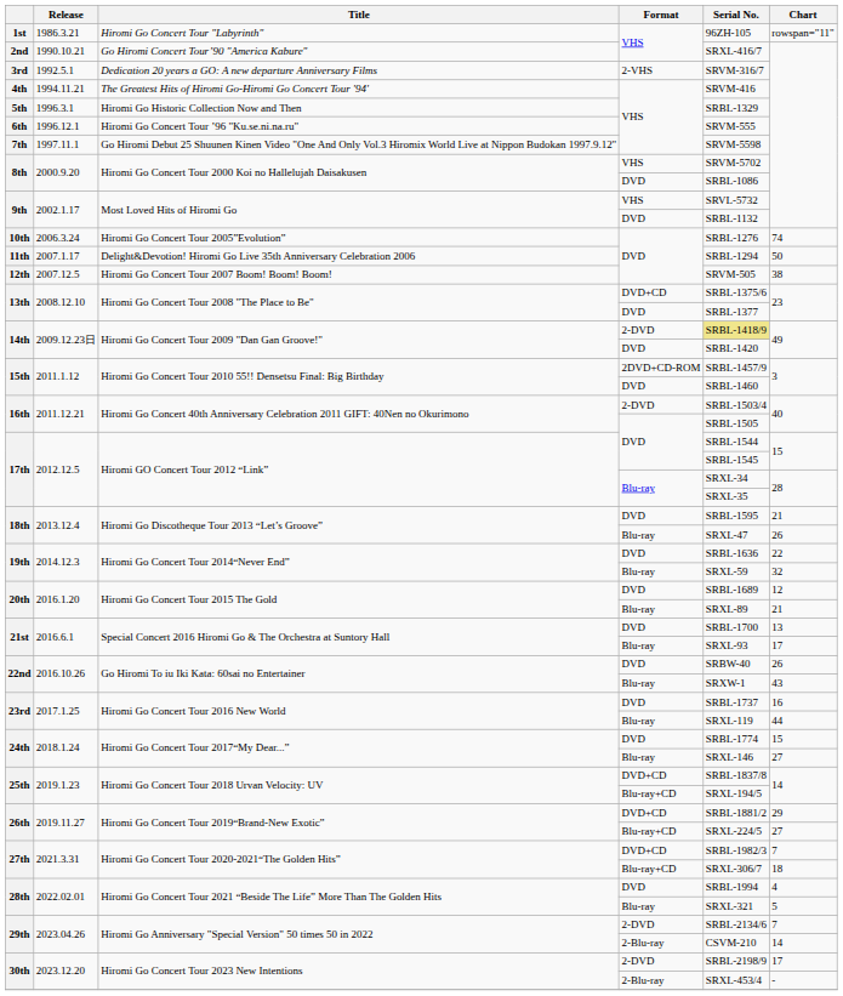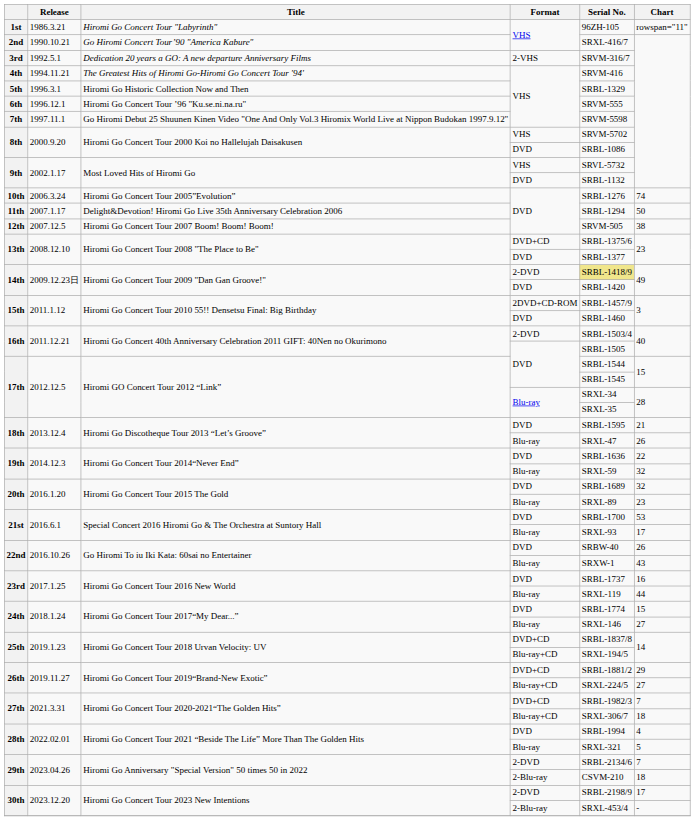 <table class="wikitable" style="font-size:small;">
 <tr>
 <th></th>
 <th>Release</th>
 <th>Title</th>
 <th>Format</th>
 <th>Serial No.</th>
 <th>Chart</th>
 </tr>
 <tr>
 <th>1st</th>
 <td>1986.3.21</td>
 <td><em>Hiromi Go Concert Tour "Labyrinth"</em></td>
 <td rowspan="2"><a href='#'>VHS</a></td>
 <td>96ZH-105</td>
 <td>rowspan="11"</td>
 </tr>
 <tr>
 <th>2nd</th>
 <td>1990.10.21</td>
 <td><em>Go Hiromi Concert Tour’90 "America Kabure"</em></td>
 <td>SRXL-416/7</td>
 </tr>
 <tr>
 <th>3rd</th>
 <td>1992.5.1</td>
 <td><em>Dedication 20 years a GO: A new departure Anniversary Films</em></td>
 <td>2-VHS</td>
 <td>SRVM-316/7</td>
 </tr>
 <tr>
 <th>4th</th>
 <td>1994.11.21</td>
 <td><em>The Greatest Hits of Hiromi Go-Hiromi Go Concert Tour '94'</td>
 <td rowspan="4">VHS</td>
 <td>SRVM-416</td>
 </tr>
 <tr>
 <th>5th</th>
 <td>1996.3.1</td>
 <td></em>Hiromi Go Historic Collection Now and Then<em></td>
 <td>SRBL-1329</td>
 </tr>
 <tr>
 <th>6th</th>
 <td>1996.12.1</td>
 <td></em>Hiromi Go Concert Tour ’96 "Ku.se.ni.na.ru"<em></td>
 <td>SRVM-555</td>
 </tr>
 <tr>
 <th>7th</th>
 <td>1997.11.1</td>
 <td></em>Go Hiromi Debut 25 Shuunen Kinen Video "One And Only Vol.3 Hiromix World Live at Nippon Budokan 1997.9.12"<em></td>
 <td>SRVM-5598</td>
 </tr>
 <tr>
 <th rowspan="2">8th</th>
 <td rowspan="2">2000.9.20</td>
 <td rowspan="2"></em>Hiromi Go Concert Tour 2000 Koi no Hallelujah Daisakusen<em></td>
 <td>VHS</td>
 <td>SRVM-5702</td>
 </tr>
 <tr>
 <td>DVD</td>
 <td>SRBL-1086</td>
 </tr>
 <tr>
 <th rowspan="2">9th</th>
 <td rowspan="2">2002.1.17</td>
 <td rowspan="2"></em>Most Loved Hits of Hiromi Go<em></td>
 <td>VHS</td>
 <td>SRVL-5732</td>
 </tr>
 <tr>
 <td>DVD</td>
 <td>SRBL-1132</td>
 </tr>
 <tr>
 <th>10th</th>
 <td>2006.3.24</td>
 <td></em>Hiromi Go Concert Tour 2005”Evolution”<em></td>
 <td rowspan="3">DVD</td>
 <td>SRBL-1276</td>
 <td>74</td>
 </tr>
 <tr>
 <th>11th</th>
 <td>2007.1.17</td>
 <td></em>Delight&Devotion! Hiromi Go Live 35th Anniversary Celebration 2006<em></td>
 <td>SRBL-1294</td>
 <td>50</td>
 </tr>
 <tr>
 <th>12th</th>
 <td>2007.12.5</td>
 <td></em>Hiromi Go Concert Tour 2007 Boom! Boom! Boom!<em></td>
 <td>SRVM-505</td>
 <td>38</td>
 </tr>
 <tr>
 <th rowspan="2">13th</th>
 <td rowspan="2">2008.12.10</td>
 <td rowspan="2"></em>Hiromi Go Concert Tour 2008 "The Place to Be"<em></td>
 <td>DVD+CD</td>
 <td>SRBL-1375/6</td>
 <td rowspan="2">23</td>
 </tr>
 <tr>
 <td>DVD</td>
 <td>SRBL-1377</td>
 </tr>
 <tr>
 <th rowspan="2">14th</th>
 <td rowspan="2">2009.12.23日</td>
 <td rowspan="2"></em>Hiromi Go Concert Tour 2009 "Dan Gan Groove!"<em></td>
 <td>2-DVD</td>
 <td style="background: khaki;">SRBL-1418/9</td>
 <td rowspan="2">49</td>
 </tr>
 <tr>
 <td>DVD</td>
 <td>SRBL-1420</td>
 </tr>
 <tr>
 <th rowspan="2">15th</th>
 <td rowspan="2">2011.1.12</td>
 <td rowspan="2"></em>Hiromi Go Concert Tour 2010 55!! Densetsu Final: Big Birthday<em></td>
 <td>2DVD+CD-ROM</td>
 <td>SRBL-1457/9</td>
 <td rowspan="2">3</td>
 </tr>
 <tr>
 <td>DVD</td>
 <td>SRBL-1460</td>
 </tr>
 <tr>
 <th rowspan="2">16th</th>
 <td rowspan="2">2011.12.21</td>
 <td rowspan="2"></em>Hiromi Go Concert 40th Anniversary Celebration 2011 GIFT: 40Nen no Okurimono<em></td>
 <td>2-DVD</td>
 <td>SRBL-1503/4</td>
 <td rowspan="2">40</td>
 </tr>
 <tr>
 <td rowspan="3">DVD</td>
 <td>SRBL-1505</td>
 </tr>
 <tr>
 <th rowspan="4">17th</th>
 <td rowspan="4">2012.12.5</td>
 <td rowspan="4"></em>Hiromi GO Concert Tour 2012 “Link”<em></td>
 <td>SRBL-1544</td>
 <td rowspan="2">15</td>
 </tr>
 <tr>
 <td>SRBL-1545</td>
 </tr>
 <tr>
 <td rowspan="2"><a href='#'>Blu-ray</a></td>
 <td>SRXL-34</td>
 <td rowspan="2">28</td>
 </tr>
 <tr>
 <td>SRXL-35</td>
 </tr>
 <tr>
 <th rowspan="2">18th</th>
 <td rowspan="2">2013.12.4</td>
 <td rowspan="2"></em>Hiromi Go Discotheque Tour 2013 “Let’s Groove”<em></td>
 <td>DVD</td>
 <td>SRBL-1595</td>
 <td>21</td>
 </tr>
 <tr>
 <td>Blu-ray</td>
 <td>SRXL-47</td>
 <td>26</td>
 </tr>
 <tr>
 <th rowspan="2">19th</th>
 <td rowspan="2">2014.12.3</td>
 <td rowspan="2"></em>Hiromi Go Concert Tour 2014“Never End”<em></td>
 <td>DVD</td>
 <td>SRBL-1636</td>
 <td>22</td>
 </tr>
 <tr>
 <td>Blu-ray</td>
 <td>SRXL-59</td>
 <td>32</td>
 </tr>
 <tr>
 <th rowspan="2">20th</th>
 <td rowspan="2">2016.1.20</td>
 <td rowspan="2"></em>Hiromi Go Concert Tour 2015 The Gold<em></td>
 <td>DVD</td>
 <td>SRBL-1689</td>
-<td>12</td>
+<td>32</td>
 </tr>
 <tr>
 <td>Blu-ray</td>
 <td>SRXL-89</td>
-<td>21</td>
+<td>23</td>
 </tr>
 <tr>
 <th rowspan="2">21st</th>
 <td rowspan="2">2016.6.1</td>
 <td rowspan="2"></em>Special Concert 2016 Hiromi Go & The Orchestra at Suntory Hall<em></td>
 <td>DVD</td>
 <td>SRBL-1700</td>
-<td>13</td>
+<td>53</td>
 </tr>
 <tr>
 <td>Blu-ray</td>
 <td>SRXL-93</td>
 <td>17</td>
 </tr>
 <tr>
 <th rowspan="2">22nd</th>
 <td rowspan="2">2016.10.26</td>
 <td rowspan="2"></em>Go Hiromi To iu Iki Kata: 60sai no Entertainer<em></td>
 <td>DVD</td>
 <td>SRBW-40</td>
 <td>26</td>
 </tr>
 <tr>
 <td>Blu-ray</td>
 <td>SRXW-1</td>
 <td>43</td>
 </tr>
 <tr>
 <th rowspan="2">23rd</th>
 <td rowspan="2">2017.1.25</td>
 <td rowspan="2"></em>Hiromi Go Concert Tour 2016 New World<em></td>
 <td>DVD</td>
 <td>SRBL-1737</td>
 <td>16</td>
 </tr>
 <tr>
 <td>Blu-ray</td>
 <td>SRXL-119</td>
 <td>44</td>
 </tr>
 <tr>
 <th rowspan="2">24th</th>
 <td rowspan="2">2018.1.24</td>
 <td rowspan="2"></em>Hiromi Go Concert Tour 2017“My Dear...”<em></td>
 <td>DVD</td>
 <td>SRBL-1774</td>
 <td>15</td>
 </tr>
 <tr>
 <td>Blu-ray</td>
 <td>SRXL-146</td>
 <td>27</td>
 </tr>
 <tr>
 <th rowspan="2">25th</th>
 <td rowspan="2">2019.1.23</td>
 <td rowspan="2"></em>Hiromi Go Concert Tour 2018 Urvan Velocity: UV<em></td>
 <td>DVD+CD</td>
 <td>SRBL-1837/8</td>
 <td rowspan="2">14</td>
 </tr>
 <tr>
 <td>Blu-ray+CD</td>
 <td>SRXL-194/5</td>
 </tr>
 <tr>
 <th rowspan="2">26th</th>
 <td rowspan="2">2019.11.27</td>
 <td rowspan="2"></em>Hiromi Go Concert Tour 2019“Brand-New Exotic”<em></td>
 <td>DVD+CD</td>
 <td>SRBL-1881/2</td>
 <td>29</td>
 </tr>
 <tr>
 <td>Blu-ray+CD</td>
 <td>SRXL-224/5</td>
 <td>27</td>
 </tr>
 <tr>
 <th rowspan="2">27th</th>
 <td rowspan="2">2021.3.31</td>
 <td rowspan="2"></em>Hiromi Go Concert Tour 2020-2021“The Golden Hits”<em></td>
 <td>DVD+CD</td>
 <td>SRBL-1982/3</td>
 <td>7</td>
 </tr>
 <tr>
 <td>Blu-ray+CD</td>
 <td>SRXL-306/7</td>
 <td>18</td>
 </tr>
 <tr>
 <th rowspan="2">28th</th>
 <td rowspan="2">2022.02.01</td>
 <td rowspan="2"></em>Hiromi Go Concert Tour 2021 “Beside The Life” More Than The Golden Hits<em></td>
 <td>DVD</td>
 <td>SRBL-1994</td>
 <td>4</td>
 </tr>
 <tr>
 <td>Blu-ray</td>
 <td>SRXL-321</td>
 <td>5</td>
 </tr>
 <tr>
 <th rowspan="2">29th</th>
 <td rowspan="2">2023.04.26</td>
 <td rowspan="2"></em>Hiromi Go Anniversary "Special Version" 50 times 50 in 2022<em></td>
 <td>2-DVD</td>
 <td>SRBL-2134/6</td>
 <td>7</td>
 </tr>
 <tr>
 <td>2-Blu-ray</td>
 <td>CSVM-210</td>
-<td>14</td>
+<td>18</td>
 </tr>
 <tr>
 <th rowspan="2">30th</th>
 <td rowspan="2">2023.12.20</td>
 <td rowspan="2"></em>Hiromi Go Concert Tour 2023 New Intentions<em></td>
 <td>2-DVD</td>
 <td>SRBL-2198/9</td>
 <td>17</td>
 </tr>
 <tr>
 <td>2-Blu-ray</td>
 <td>SRXL-453/4</td>
 <td>-</td>
 </tr>
 <tr>
 </tr>
 </table>
